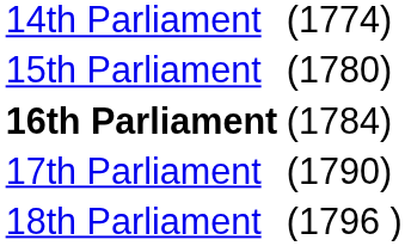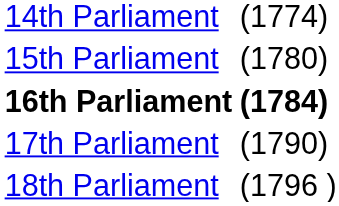 <table id=toc style="float:right">
 <tr>
 <td><a href='#'>14th Parliament</a></td>
 <td>(1774)</td>
 </tr>
 <tr>
 <td><a href='#'>15th Parliament</a></td>
 <td>(1780)</td>
 </tr>
 <tr>
 <td><strong>16th Parliament</strong></td>
-<td>(1784)</td>
+<td><strong>(1784)</strong></td>
 </tr>
 <tr>
 <td><a href='#'>17th Parliament</a></td>
 <td>(1790)</td>
 </tr>
 <tr>
 <td><a href='#'>18th Parliament</a></td>
 <td>(1796 )</td>
 </tr>
 </table>
